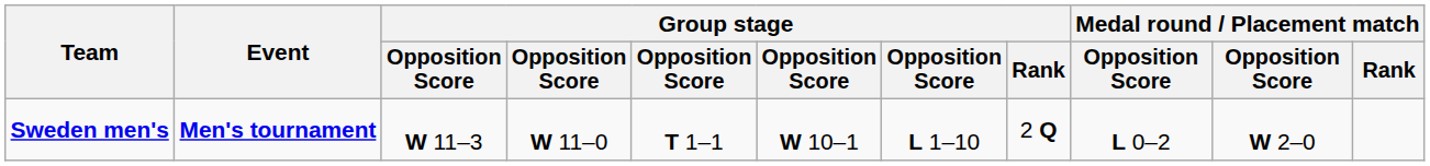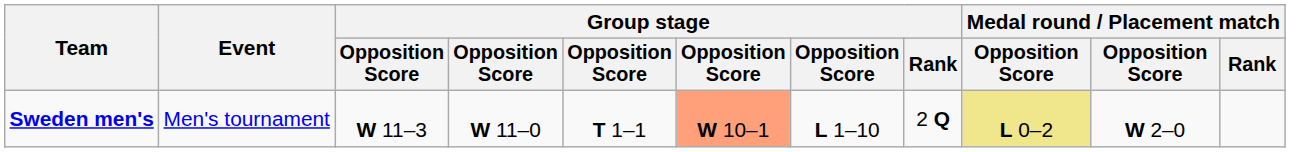 <table class="wikitable" style="font-size:90%">
 <tr>
 <th rowspan=2>Team</th>
 <th rowspan=2>Event</th>
 <th colspan=6>Group stage</th>
 <th colspan=3>Medal round / Placement match</th>
 </tr>
 <tr style="font-size:95%">
 <th>Opposition<br>Score</th>
 <th>Opposition<br>Score</th>
 <th>Opposition<br>Score</th>
 <th>Opposition<br>Score</th>
 <th>Opposition<br>Score</th>
 <th>Rank</th>
 <th>Opposition<br>Score</th>
 <th>Opposition<br>Score</th>
 <th>Rank</th>
 </tr>
 <tr align=center>
 <td align=left><strong><a href='#'>Sweden men's</a></strong></td>
-<td align=left><strong><a href='#'>Men's tournament</a></strong></td>
+<td align=left><a href='#'>Men's tournament</a></td>
 <td><br><strong>W</strong> 11–3</td>
 <td><br><strong>W</strong> 11–0</td>
 <td><br><strong>T</strong> 1–1</td>
-<td><br><strong>W</strong> 10–1</td>
+<td style="background: lightsalmon;"><br><strong>W</strong> 10–1</td>
 <td><br><strong>L</strong> 1–10</td>
 <td>2 <strong>Q</strong></td>
-<td><br><strong>L</strong> 0–2</td>
+<td style="background: khaki;"><br><strong>L</strong> 0–2</td>
 <td><br><strong>W</strong> 2–0</td>
 <td></td>
 </tr>
 </table>
